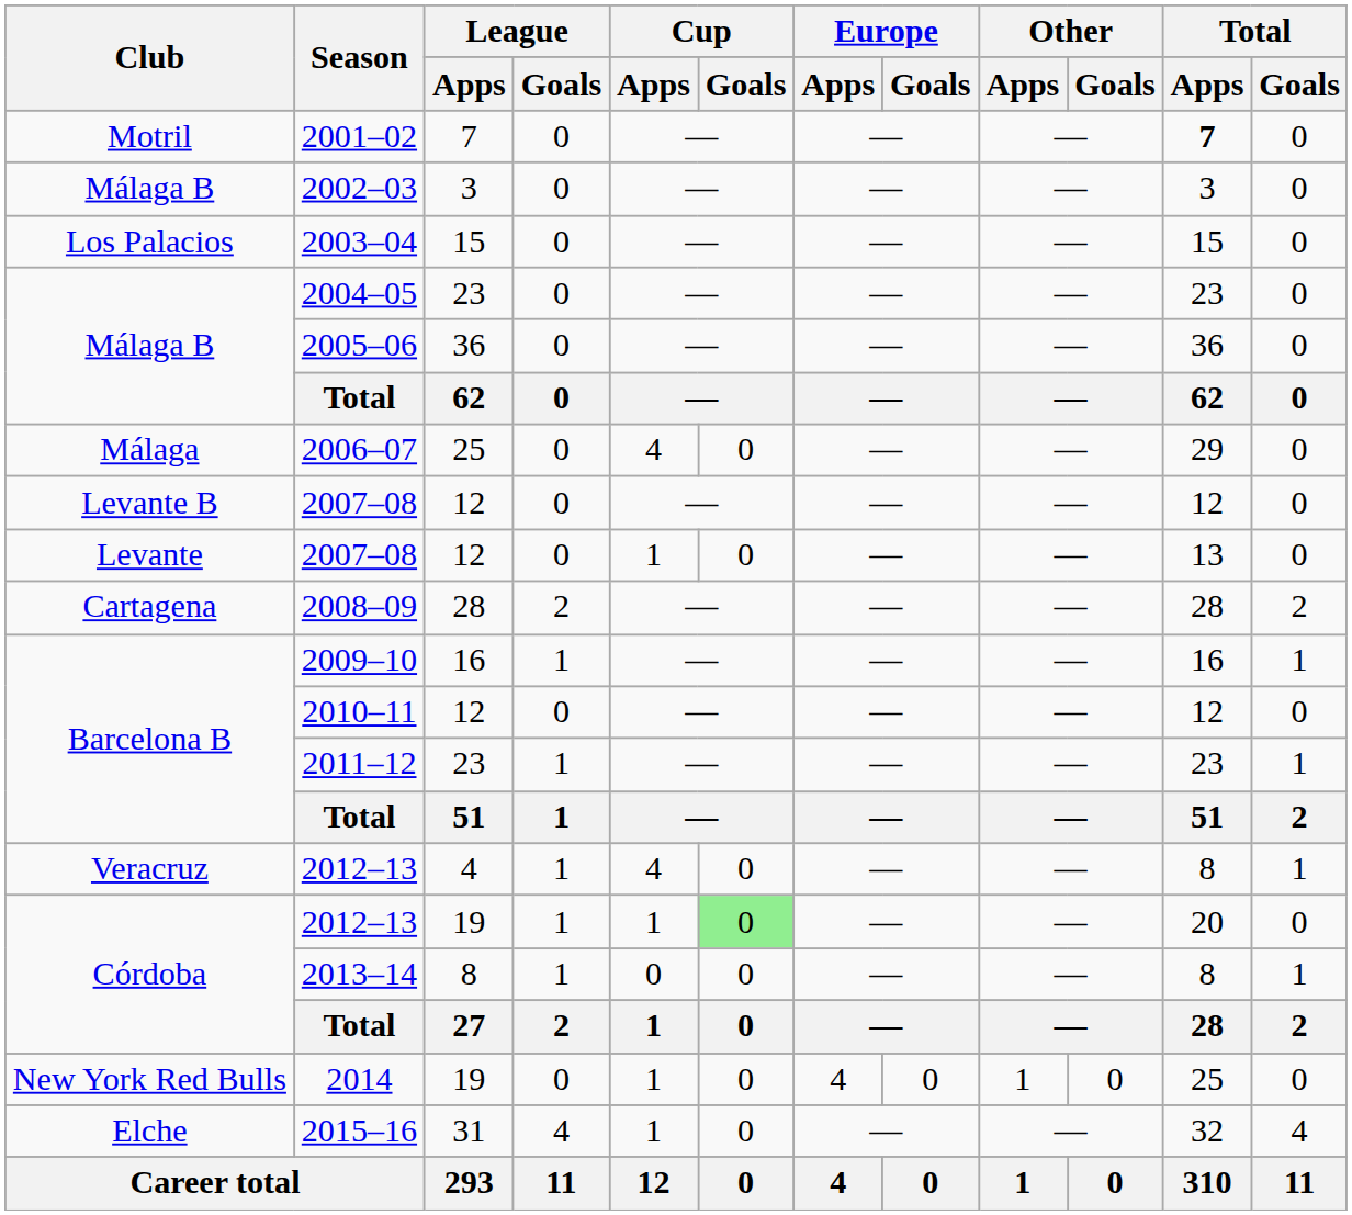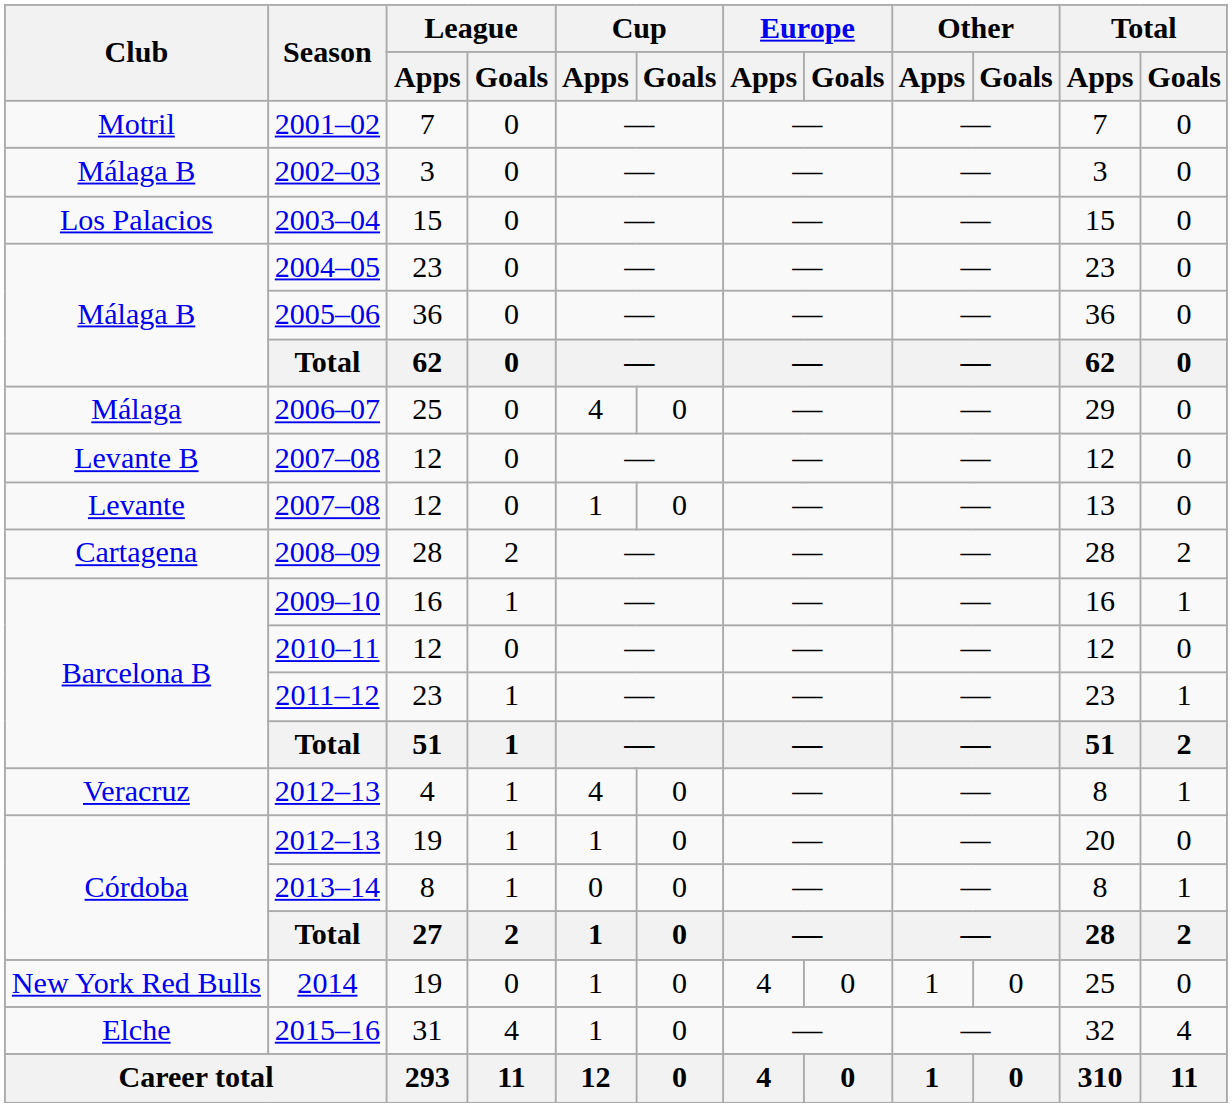 <table class="wikitable" style="text-align:center">
 <tr>
 <th rowspan="2">Club</th>
 <th rowspan="2">Season</th>
 <th colspan="2">League</th>
 <th colspan="2">Cup</th>
 <th colspan="2"><a href='#'>Europe</a></th>
 <th colspan="2">Other</th>
 <th colspan="2">Total</th>
 </tr>
 <tr>
 <th>Apps</th>
 <th>Goals</th>
 <th>Apps</th>
 <th>Goals</th>
 <th>Apps</th>
 <th>Goals</th>
 <th>Apps</th>
 <th>Goals</th>
 <th>Apps</th>
 <th>Goals</th>
 </tr>
 <tr>
 <td><a href='#'>Motril</a></td>
 <td><a href='#'>2001–02</a></td>
 <td>7</td>
 <td>0</td>
 <td colspan="2">—</td>
 <td colspan="2">—</td>
 <td colspan="2">—</td>
-<td><strong>7</strong></td>
+<td>7</td>
 <td>0</td>
 </tr>
 <tr>
 <td><a href='#'>Málaga B</a></td>
 <td><a href='#'>2002–03</a></td>
 <td>3</td>
 <td>0</td>
 <td colspan="2">—</td>
 <td colspan="2">—</td>
 <td colspan="2">—</td>
 <td>3</td>
 <td>0</td>
 </tr>
 <tr>
 <td><a href='#'>Los Palacios</a></td>
 <td><a href='#'>2003–04</a></td>
 <td>15</td>
 <td>0</td>
 <td colspan="2">—</td>
 <td colspan="2">—</td>
 <td colspan="2">—</td>
 <td>15</td>
 <td>0</td>
 </tr>
 <tr>
 <td rowspan="3"><a href='#'>Málaga B</a></td>
 <td><a href='#'>2004–05</a></td>
 <td>23</td>
 <td>0</td>
 <td colspan="2">—</td>
 <td colspan="2">—</td>
 <td colspan="2">—</td>
 <td>23</td>
 <td>0</td>
 </tr>
 <tr>
 <td><a href='#'>2005–06</a></td>
 <td>36</td>
 <td>0</td>
 <td colspan="2">—</td>
 <td colspan="2">—</td>
 <td colspan="2">—</td>
 <td>36</td>
 <td>0</td>
 </tr>
 <tr>
 <th>Total</th>
 <th>62</th>
 <th>0</th>
 <th colspan="2">—</th>
 <th colspan="2">—</th>
 <th colspan="2">—</th>
 <th>62</th>
 <th>0</th>
 </tr>
 <tr>
 <td><a href='#'>Málaga</a></td>
 <td><a href='#'>2006–07</a></td>
 <td>25</td>
 <td>0</td>
 <td>4</td>
 <td>0</td>
 <td colspan="2">—</td>
 <td colspan="2">—</td>
 <td>29</td>
 <td>0</td>
 </tr>
 <tr>
 <td><a href='#'>Levante B</a></td>
 <td><a href='#'>2007–08</a></td>
 <td>12</td>
 <td>0</td>
 <td colspan="2">—</td>
 <td colspan="2">—</td>
 <td colspan="2">—</td>
 <td>12</td>
 <td>0</td>
 </tr>
 <tr>
 <td><a href='#'>Levante</a></td>
 <td><a href='#'>2007–08</a></td>
 <td>12</td>
 <td>0</td>
 <td>1</td>
 <td>0</td>
 <td colspan="2">—</td>
 <td colspan="2">—</td>
 <td>13</td>
 <td>0</td>
 </tr>
 <tr>
 <td><a href='#'>Cartagena</a></td>
 <td><a href='#'>2008–09</a></td>
 <td>28</td>
 <td>2</td>
 <td colspan="2">—</td>
 <td colspan="2">—</td>
 <td colspan="2">—</td>
 <td>28</td>
 <td>2</td>
 </tr>
 <tr>
 <td rowspan="4"><a href='#'>Barcelona B</a></td>
 <td><a href='#'>2009–10</a></td>
 <td>16</td>
 <td>1</td>
 <td colspan="2">—</td>
 <td colspan="2">—</td>
 <td colspan="2">—</td>
 <td>16</td>
 <td>1</td>
 </tr>
 <tr>
 <td><a href='#'>2010–11</a></td>
 <td>12</td>
 <td>0</td>
 <td colspan="2">—</td>
 <td colspan="2">—</td>
 <td colspan="2">—</td>
 <td>12</td>
 <td>0</td>
 </tr>
 <tr>
 <td><a href='#'>2011–12</a></td>
 <td>23</td>
 <td>1</td>
 <td colspan="2">—</td>
 <td colspan="2">—</td>
 <td colspan="2">—</td>
 <td>23</td>
 <td>1</td>
 </tr>
 <tr>
 <th>Total</th>
 <th>51</th>
 <th>1</th>
 <th colspan="2">—</th>
 <th colspan="2">—</th>
 <th colspan="2">—</th>
 <th>51</th>
 <th>2</th>
 </tr>
 <tr>
 <td><a href='#'>Veracruz</a></td>
 <td><a href='#'>2012–13</a></td>
 <td>4</td>
 <td>1</td>
 <td>4</td>
 <td>0</td>
 <td colspan="2">—</td>
 <td colspan="2">—</td>
 <td>8</td>
 <td>1</td>
 </tr>
 <tr>
 <td rowspan="3"><a href='#'>Córdoba</a></td>
 <td><a href='#'>2012–13</a></td>
 <td>19</td>
 <td>1</td>
 <td>1</td>
-<td style="background: lightgreen;">0</td>
+<td>0</td>
 <td colspan="2">—</td>
 <td colspan="2">—</td>
 <td>20</td>
 <td>0</td>
 </tr>
 <tr>
 <td><a href='#'>2013–14</a></td>
 <td>8</td>
 <td>1</td>
 <td>0</td>
 <td>0</td>
 <td colspan="2">—</td>
 <td colspan="2">—</td>
 <td>8</td>
 <td>1</td>
 </tr>
 <tr>
 <th>Total</th>
 <th>27</th>
 <th>2</th>
 <th>1</th>
 <th>0</th>
 <th colspan="2">—</th>
 <th colspan="2">—</th>
 <th>28</th>
 <th>2</th>
 </tr>
 <tr>
 <td><a href='#'>New York Red Bulls</a></td>
 <td><a href='#'>2014</a></td>
 <td>19</td>
 <td>0</td>
 <td>1</td>
 <td>0</td>
 <td>4</td>
 <td>0</td>
 <td>1</td>
 <td>0</td>
 <td>25</td>
 <td>0</td>
 </tr>
 <tr>
 <td><a href='#'>Elche</a></td>
 <td><a href='#'>2015–16</a></td>
 <td>31</td>
 <td>4</td>
 <td>1</td>
 <td>0</td>
 <td colspan="2">—</td>
 <td colspan="2">—</td>
 <td>32</td>
 <td>4</td>
 </tr>
 <tr>
 <th colspan="2">Career total</th>
 <th>293</th>
 <th>11</th>
 <th>12</th>
 <th>0</th>
 <th>4</th>
 <th>0</th>
 <th>1</th>
 <th>0</th>
 <th>310</th>
 <th>11</th>
 </tr>
 </table>
